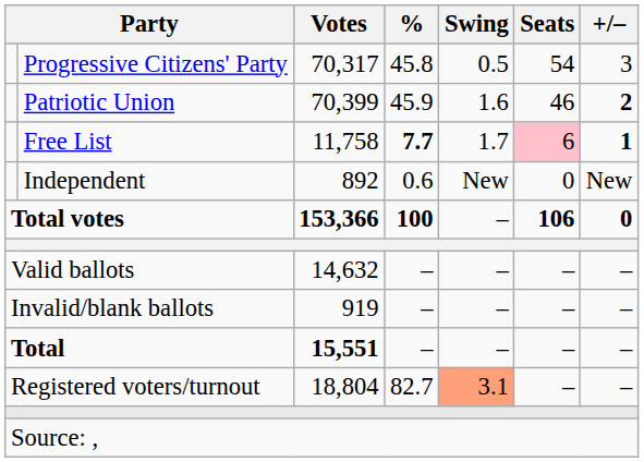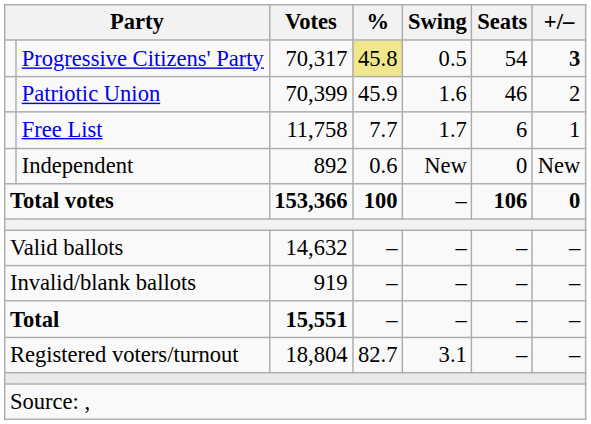 <table class="wikitable" style="text-align:right">
 <tr>
 <th colspan="2">Party</th>
 <th>Votes</th>
 <th>%</th>
 <th>Swing</th>
 <th>Seats</th>
 <th>+/–</th>
 </tr>
 <tr>
 <td width="1" style="color:inherit;background:"></td>
 <td align="left"><a href='#'>Progressive Citizens' Party</a></td>
 <td>70,317</td>
-<td>45.8</td>
+<td style="background: khaki;">45.8</td>
 <td> 0.5</td>
 <td>54</td>
-<td> 3</td>
+<td><strong> 3</strong></td>
 </tr>
 <tr>
 <td width="1" style="color:inherit;background:"></td>
 <td align="left"><a href='#'>Patriotic Union</a></td>
 <td>70,399</td>
 <td>45.9</td>
 <td> 1.6</td>
 <td>46</td>
-<td><strong> 2</strong></td>
+<td> 2</td>
 </tr>
 <tr>
 <td width="1" style="color:inherit;background:"></td>
 <td align="left"><a href='#'>Free List</a></td>
 <td>11,758</td>
-<td><strong>7.7</strong></td>
+<td>7.7</td>
 <td> 1.7</td>
-<td style="background: pink;">6</td>
-<td><strong> 1</strong></td>
+<td>6</td>
+<td> 1</td>
 </tr>
 <tr>
 <td width=1 bgcolor=></td>
 <td align=left>Independent</td>
 <td>892</td>
 <td>0.6</td>
 <td>New</td>
 <td>0</td>
 <td>New</td>
 </tr>
 <tr>
 <td colspan="2" align="left"><strong>Total votes</strong></td>
 <td><strong>153,366</strong></td>
 <td><strong>100</strong></td>
 <td>–</td>
 <td><strong>106</strong></td>
 <td><strong>0</strong></td>
 </tr>
 <tr>
 <th colspan="7"></th>
 </tr>
 <tr>
 <td colspan="2" align="left">Valid ballots</td>
 <td>14,632</td>
 <td>–</td>
 <td>–</td>
 <td>–</td>
 <td>–</td>
 </tr>
 <tr>
 <td colspan="2" align="left">Invalid/blank ballots</td>
 <td>919</td>
 <td>–</td>
 <td>–</td>
 <td>–</td>
 <td>–</td>
 </tr>
 <tr>
 <td colspan="2" align="left"><strong>Total</strong></td>
 <td><strong>15,551</strong></td>
 <td>–</td>
 <td>–</td>
 <td>–</td>
 <td>–</td>
 </tr>
 <tr>
 <td colspan="2" align="left">Registered voters/turnout</td>
 <td>18,804</td>
 <td>82.7</td>
-<td style="background: lightsalmon;"> 3.1</td>
+<td> 3.1</td>
 <td>–</td>
 <td>–</td>
 </tr>
 <tr>
 <td colspan="7" style="color:inherit;background:#E9E9E9"></td>
 </tr>
 <tr>
 <td colspan="7" align="left">Source: , </td>
 </tr>
 </table>
